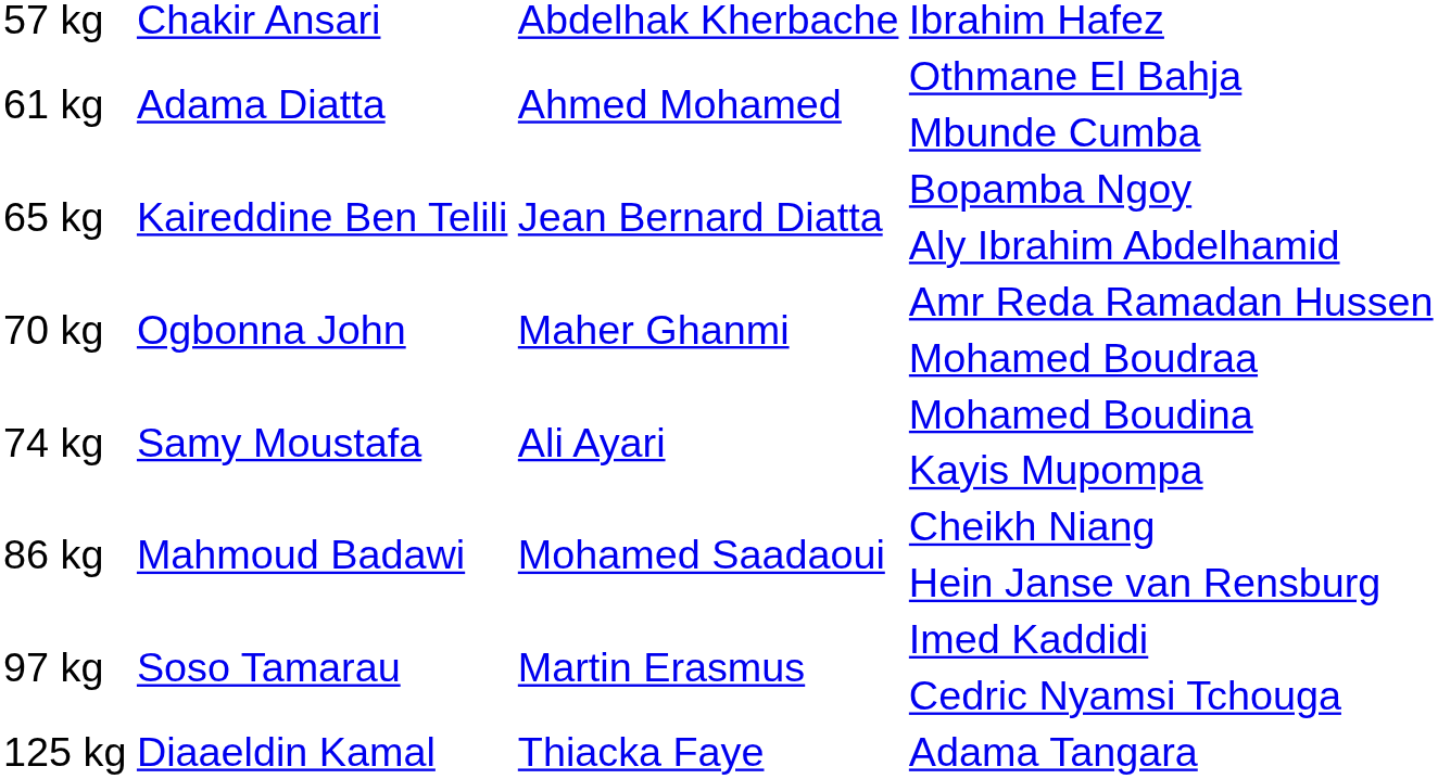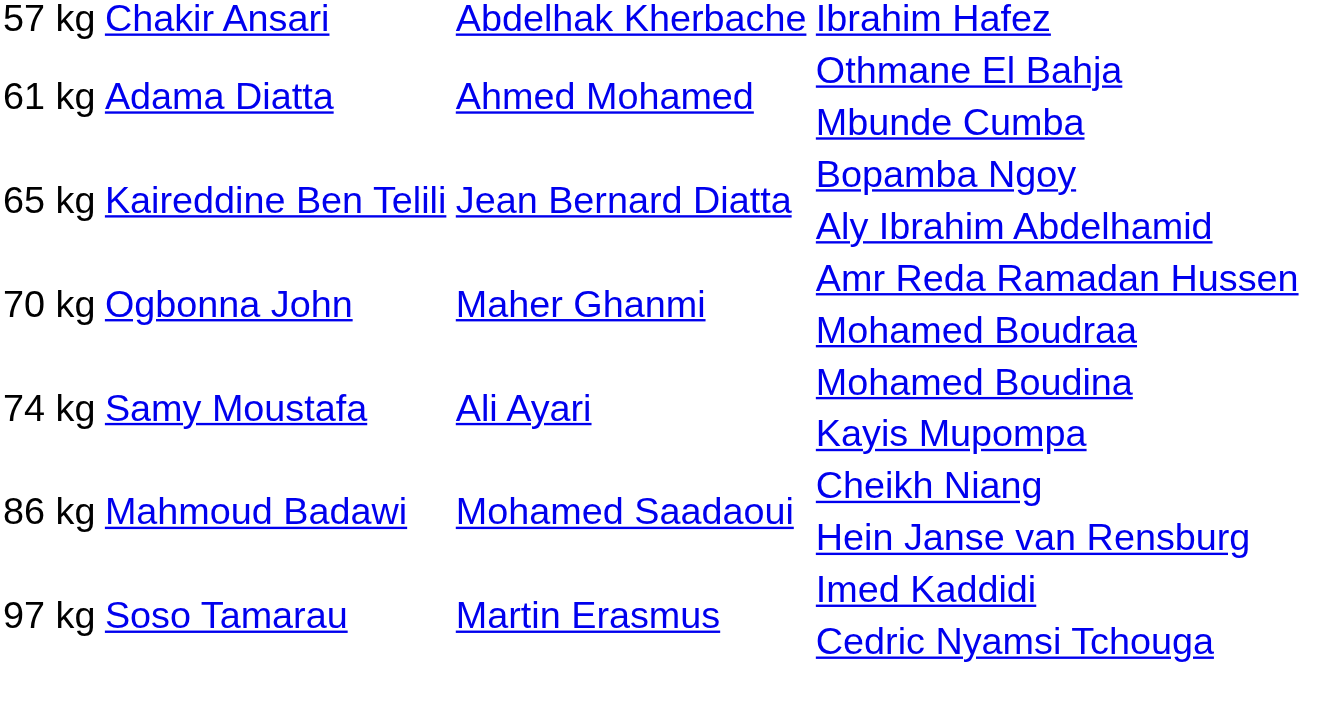 <table>
 <tr>
 <td>57 kg</td>
 <td> <a href='#'>Chakir Ansari</a></td>
 <td> <a href='#'>Abdelhak Kherbache</a></td>
 <td> <a href='#'>Ibrahim Hafez</a></td>
 </tr>
 <tr>
 <td rowspan=2>61 kg</td>
 <td rowspan=2> <a href='#'>Adama Diatta</a></td>
 <td rowspan=2> <a href='#'>Ahmed Mohamed</a></td>
 <td> <a href='#'>Othmane El Bahja</a></td>
 </tr>
 <tr>
 <td> <a href='#'>Mbunde Cumba</a></td>
 </tr>
 <tr>
 <td rowspan=2>65 kg</td>
 <td rowspan=2> <a href='#'>Kaireddine Ben Telili</a></td>
 <td rowspan=2> <a href='#'>Jean Bernard Diatta</a></td>
 <td> <a href='#'>Bopamba Ngoy</a></td>
 </tr>
 <tr>
 <td> <a href='#'>Aly Ibrahim Abdelhamid</a></td>
 </tr>
 <tr>
 <td rowspan=2>70 kg</td>
 <td rowspan=2> <a href='#'>Ogbonna John</a></td>
 <td rowspan=2> <a href='#'>Maher Ghanmi</a></td>
 <td> <a href='#'>Amr Reda Ramadan Hussen</a></td>
 </tr>
 <tr>
 <td> <a href='#'>Mohamed Boudraa</a></td>
 </tr>
 <tr>
 <td rowspan=2>74 kg</td>
 <td rowspan=2> <a href='#'>Samy Moustafa</a></td>
 <td rowspan=2> <a href='#'>Ali Ayari</a></td>
 <td> <a href='#'>Mohamed Boudina</a></td>
 </tr>
 <tr>
 <td> <a href='#'>Kayis Mupompa</a></td>
 </tr>
 <tr>
 <td rowspan=2>86 kg</td>
 <td rowspan=2> <a href='#'>Mahmoud Badawi</a></td>
 <td rowspan=2> <a href='#'>Mohamed Saadaoui</a></td>
 <td> <a href='#'>Cheikh Niang</a></td>
 </tr>
 <tr>
 <td> <a href='#'>Hein Janse van Rensburg</a></td>
 </tr>
 <tr>
 <td rowspan=2>97 kg</td>
 <td rowspan=2> <a href='#'>Soso Tamarau</a></td>
 <td rowspan=2> <a href='#'>Martin Erasmus</a></td>
 <td> <a href='#'>Imed Kaddidi</a></td>
 </tr>
 <tr>
 <td> <a href='#'>Cedric Nyamsi Tchouga</a></td>
 </tr>
-<tr>
-<td>125 kg</td>
-<td> <a href='#'>Diaaeldin Kamal</a></td>
-<td> <a href='#'>Thiacka Faye</a></td>
-<td> <a href='#'>Adama Tangara</a></td>
-</tr>
 </table>
